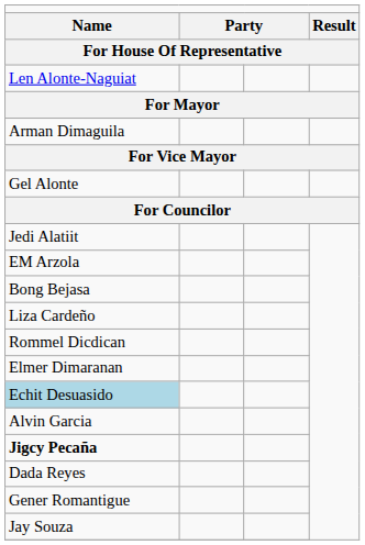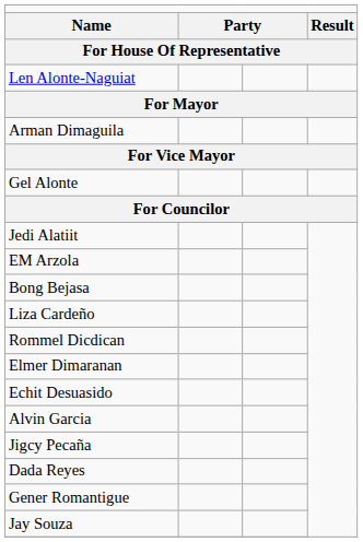 <table class="wikitable" style="font-size:90%">
 <tr>
 <td colspan="5"></td>
 </tr>
 <tr>
 <th width="150px">Name</th>
 <th colspan="2" width="110px">Party</th>
 <th>Result</th>
 </tr>
 <tr>
 <th colspan="5">For House Of Representative</th>
 </tr>
 <tr>
 <td><a href='#'>Len Alonte-Naguiat</a></td>
 <td></td>
 <td></td>
 </tr>
 <tr>
 <th colspan="5">For Mayor</th>
 </tr>
 <tr>
 <td>Arman Dimaguila</td>
 <td></td>
 <td></td>
 </tr>
 <tr>
 <th colspan="5">For Vice Mayor</th>
 </tr>
 <tr>
 <td>Gel Alonte</td>
 <td></td>
 <td></td>
 </tr>
 <tr>
 <th colspan="5">For Councilor</th>
 </tr>
 <tr>
 <td>Jedi Alatiit</td>
 <td></td>
 <td></td>
 </tr>
 <tr>
 <td>EM Arzola</td>
 <td></td>
 <td></td>
 </tr>
 <tr>
 <td>Bong Bejasa</td>
 <td></td>
 <td></td>
 </tr>
 <tr>
 <td>Liza Cardeño</td>
 <td></td>
 <td></td>
 </tr>
 <tr>
 <td>Rommel Dicdican</td>
 <td></td>
 <td></td>
 </tr>
 <tr>
 <td>Elmer Dimaranan</td>
 <td></td>
 <td></td>
 </tr>
 <tr>
-<td style="background: lightblue;">Echit Desuasido</td>
+<td>Echit Desuasido</td>
 <td></td>
 <td></td>
 </tr>
 <tr>
 <td>Alvin Garcia</td>
 <td></td>
 <td></td>
 </tr>
 <tr>
-<td><strong>Jigcy Pecaña</strong></td>
+<td>Jigcy Pecaña</td>
 <td></td>
 <td></td>
 </tr>
 <tr>
 <td>Dada Reyes</td>
 <td></td>
 <td></td>
 </tr>
 <tr>
 <td>Gener Romantigue</td>
 <td></td>
 <td></td>
 </tr>
 <tr>
 <td>Jay Souza</td>
 <td></td>
 <td></td>
 </tr>
 <tr>
 </tr>
 </table>
